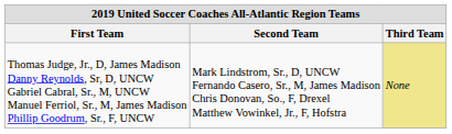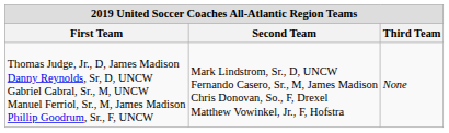 <table class="wikitable" style="white-space:nowrap; font-size:90%;">
 <tr>
 <td colspan="3" style="text-align:center; background:#ddd;"><strong>2019 United Soccer Coaches All-Atlantic Region Teams</strong></td>
 </tr>
 <tr>
 <th>First Team</th>
 <th>Second Team</th>
 <th>Third Team</th>
 </tr>
 <tr>
 <td><br>Thomas Judge, Jr., D, James Madison<br> <a href='#'>Danny Reynolds</a>, Sr, D, UNCW<br> Gabriel Cabral, Sr., M, UNCW<br> Manuel Ferriol, Sr., M, James Madison<br> <a href='#'>Phillip Goodrum</a>, Sr., F, UNCW<br></td>
 <td><br>Mark Lindstrom, Sr., D, UNCW<br> Fernando Casero, Sr., M, James Madison<br> Chris Donovan, So., F, Drexel<br> Matthew Vowinkel, Jr., F, Hofstra<br></td>
-<td style="background: khaki;"><em>None</em></td>
+<td><em>None</em></td>
 </tr>
 </table>
